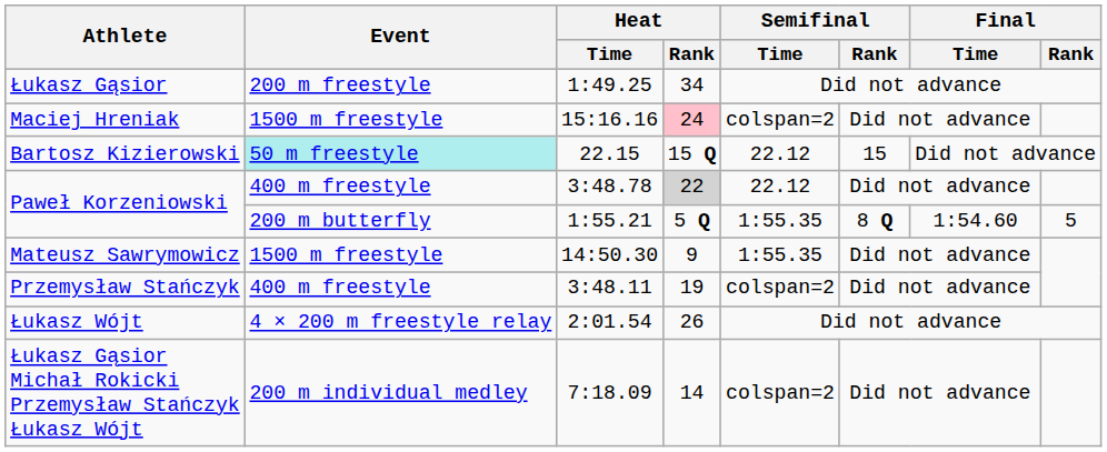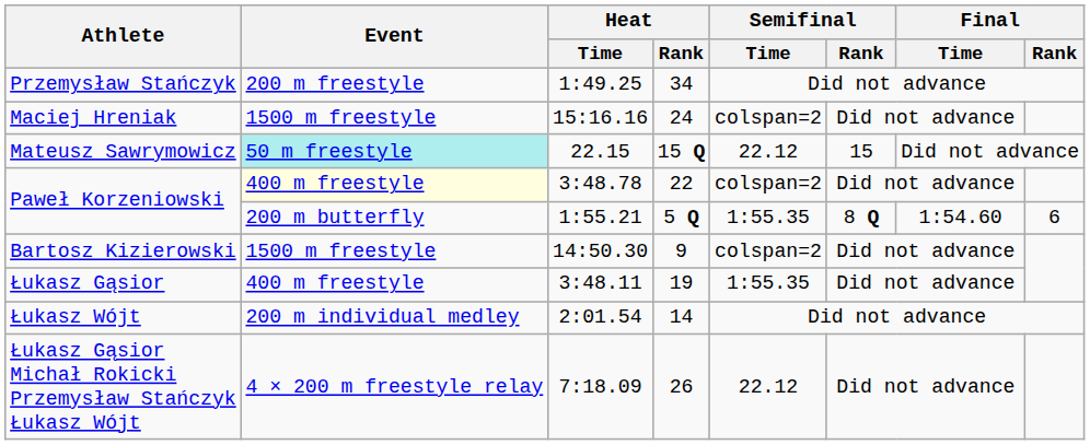 <table class=wikitable style="font-size:90%">
 <tr>
 <th rowspan="2">Athlete</th>
 <th rowspan="2">Event</th>
 <th colspan="2">Heat</th>
 <th colspan="2">Semifinal</th>
 <th colspan="2">Final</th>
 </tr>
 <tr style="font-size:95%">
 <th>Time</th>
 <th>Rank</th>
 <th>Time</th>
 <th>Rank</th>
 <th>Time</th>
 <th>Rank</th>
 </tr>
 <tr align=center>
-<td align=left><a href='#'>Łukasz Gąsior</a></td>
+<td align=left><a href='#'>Przemysław Stańczyk</a></td>
 <td align=left><a href='#'>200 m freestyle</a></td>
 <td>1:49.25</td>
 <td>34</td>
 <td colspan=4>Did not advance</td>
 </tr>
 <tr align=center>
 <td align=left><a href='#'>Maciej Hreniak</a></td>
 <td align=left><a href='#'>1500 m freestyle</a></td>
 <td>15:16.16</td>
-<td style="background: pink;">24</td>
+<td>24</td>
 <td>colspan=2 </td>
 <td colspan=2>Did not advance</td>
 </tr>
 <tr align=center>
-<td align=left><a href='#'>Bartosz Kizierowski</a></td>
+<td align=left><a href='#'>Mateusz Sawrymowicz</a></td>
 <td align=left style="background: paleturquoise;"><a href='#'>50 m freestyle</a></td>
 <td>22.15</td>
 <td>15 <strong>Q</strong></td>
 <td>22.12</td>
 <td>15</td>
 <td colspan=2>Did not advance</td>
 </tr>
 <tr align=center>
 <td align=left rowspan=2><a href='#'>Paweł Korzeniowski</a></td>
-<td align=left><a href='#'>400 m freestyle</a></td>
+<td align=left style="background: lightyellow;"><a href='#'>400 m freestyle</a></td>
 <td>3:48.78</td>
-<td style="background: lightgrey;">22</td>
-<td>22.12</td>
+<td>22</td>
+<td>colspan=2 </td>
 <td colspan=2>Did not advance</td>
 </tr>
 <tr align=center>
 <td align=left><a href='#'>200 m butterfly</a></td>
 <td>1:55.21</td>
 <td>5 <strong>Q</strong></td>
 <td>1:55.35</td>
 <td>8 <strong>Q</strong></td>
 <td>1:54.60</td>
-<td>5</td>
+<td>6</td>
 </tr>
 <tr align=center>
-<td align=left><a href='#'>Mateusz Sawrymowicz</a></td>
+<td align=left><a href='#'>Bartosz Kizierowski</a></td>
 <td align=left><a href='#'>1500 m freestyle</a></td>
 <td>14:50.30</td>
 <td>9</td>
+<td>colspan=2 </td>
+<td colspan=2>Did not advance</td>
+</tr>
+<tr align=center>
+<td align=left><a href='#'>Łukasz Gąsior</a></td>
+<td align=left><a href='#'>400 m freestyle</a></td>
+<td>3:48.11</td>
+<td>19</td>
 <td>1:55.35</td>
 <td colspan=2>Did not advance</td>
 </tr>
 <tr align=center>
-<td align=left><a href='#'>Przemysław Stańczyk</a></td>
-<td align=left><a href='#'>400 m freestyle</a></td>
-<td>3:48.11</td>
-<td>19</td>
-<td>colspan=2 </td>
-<td colspan=2>Did not advance</td>
-</tr>
-<tr align=center>
 <td align=left><a href='#'>Łukasz Wójt</a></td>
-<td align=left><a href='#'>4 × 200 m freestyle relay</a></td>
+<td align=left><a href='#'>200 m individual medley</a></td>
 <td>2:01.54</td>
-<td>26</td>
+<td>14</td>
 <td colspan=4>Did not advance</td>
 </tr>
 <tr align=center>
 <td align=left><a href='#'>Łukasz Gąsior</a><br><a href='#'>Michał Rokicki</a><br><a href='#'>Przemysław Stańczyk</a><br><a href='#'>Łukasz Wójt</a></td>
-<td align=left><a href='#'>200 m individual medley</a></td>
+<td align=left><a href='#'>4 × 200 m freestyle relay</a></td>
 <td>7:18.09</td>
-<td>14</td>
-<td>colspan=2 </td>
+<td>26</td>
+<td>22.12</td>
 <td colspan=2>Did not advance</td>
 </tr>
 </table>
